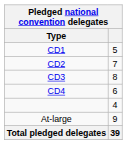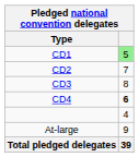 <table class="wikitable sortable" style="font-size:90%;text-align:center;float:right;padding:5px;">
 <tr>
 <th colspan="2">Pledged <a href='#'>national<br>convention</a> delegates</th>
 </tr>
 <tr>
 <th>Type</th>
 <th></th>
 </tr>
 <tr>
 <td><a href='#'>CD1</a></td>
-<td>5</td>
+<td style="background: lightgreen;">5</td>
 </tr>
 <tr>
 <td><a href='#'>CD2</a></td>
 <td>7</td>
 </tr>
 <tr>
 <td><a href='#'>CD3</a></td>
 <td>8</td>
 </tr>
 <tr>
 <td><a href='#'>CD4</a></td>
-<td>6</td>
+<td><strong>6</strong></td>
 </tr>
 <tr>
 <td></td>
 <td>4</td>
 </tr>
 <tr>
 <td>At-large</td>
 <td>9</td>
 </tr>
 <tr>
 <th>Total pledged delegates</th>
 <th>39</th>
 </tr>
 </table>
